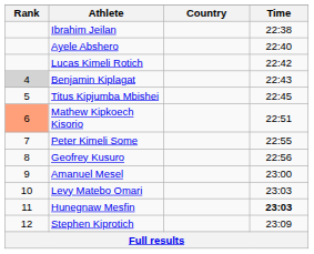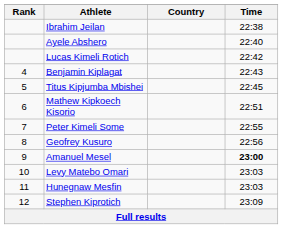 <table class="wikitable sortable" style=" text-align:center; font-size:95%;" width="50%">
 <tr>
 </tr>
 <tr>
 <th width=5%>Rank</th>
 <th width=20%>Athlete</th>
 <th width=15%>Country</th>
 <th width=10%>Time</th>
 </tr>
 <tr>
 <td align=center></td>
 <td align=left><a href='#'>Ibrahim Jeilan</a></td>
 <td align=left></td>
 <td>22:38</td>
 </tr>
 <tr>
 <td align=center></td>
 <td align=left><a href='#'>Ayele Abshero</a></td>
 <td align=left></td>
 <td>22:40</td>
 </tr>
 <tr>
 <td align=center></td>
 <td align=left><a href='#'>Lucas Kimeli Rotich</a></td>
 <td align=left></td>
 <td>22:42</td>
 </tr>
 <tr>
-<td align=center style="background: lightgrey;">4</td>
+<td align=center>4</td>
 <td align=left><a href='#'>Benjamin Kiplagat</a></td>
 <td align=left></td>
 <td>22:43</td>
 </tr>
 <tr>
 <td align=center>5</td>
 <td align=left><a href='#'>Titus Kipjumba Mbishei</a></td>
 <td align=left></td>
 <td>22:45</td>
 </tr>
 <tr>
-<td align=center style="background: lightsalmon;">6</td>
+<td align=center>6</td>
 <td align=left><a href='#'>Mathew Kipkoech Kisorio</a></td>
 <td align=left></td>
 <td>22:51</td>
 </tr>
 <tr>
 <td align=center>7</td>
 <td align=left><a href='#'>Peter Kimeli Some</a></td>
 <td align=left></td>
 <td>22:55</td>
 </tr>
 <tr>
 <td align=center>8</td>
 <td align=left><a href='#'>Geofrey Kusuro</a></td>
 <td align=left></td>
 <td>22:56</td>
 </tr>
 <tr>
 <td align=center>9</td>
 <td align=left><a href='#'>Amanuel Mesel</a></td>
 <td align=left></td>
-<td>23:00</td>
+<td><strong>23:00</strong></td>
 </tr>
 <tr>
 <td align=center>10</td>
 <td align=left><a href='#'>Levy Matebo Omari</a></td>
 <td align=left></td>
 <td>23:03</td>
 </tr>
 <tr>
 <td align=center>11</td>
 <td align=left><a href='#'>Hunegnaw Mesfin</a></td>
 <td align=left></td>
-<td><strong>23:03</strong></td>
+<td>23:03</td>
 </tr>
 <tr>
 <td align=center>12</td>
 <td align=left><a href='#'>Stephen Kiprotich</a></td>
 <td align=left></td>
 <td>23:09</td>
 </tr>
 <tr class="sortbottom">
 <th colspan=4 align=center><a href='#'>Full results</a></th>
 </tr>
 </table>
